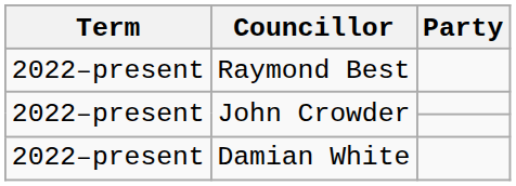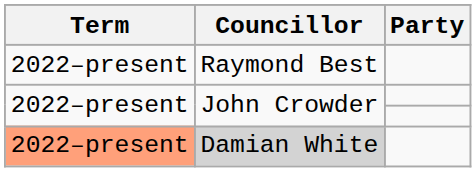 <table class="wikitable">
 <tr>
 <th>Term</th>
 <th>Councillor</th>
 <th colspan=2>Party</th>
 </tr>
 <tr>
 <td>2022–present</td>
 <td>Raymond Best</td>
 <td></td>
 </tr>
 <tr>
 <td rowspan=2>2022–present</td>
 <td rowspan=2>John Crowder</td>
 <td></td>
 </tr>
 <tr>
 <td></td>
 </tr>
 <tr>
-<td>2022–present</td>
-<td>Damian White</td>
+<td style="background: lightsalmon;">2022–present</td>
+<td style="background: lightgrey;">Damian White</td>
 <td></td>
 </tr>
 </table>
